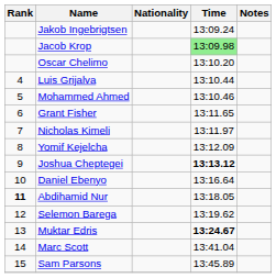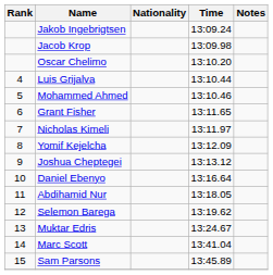 <table class="wikitable sortable" style="text-align:center">
 <tr>
 <th>Rank</th>
 <th>Name</th>
 <th>Nationality</th>
 <th>Time</th>
 <th>Notes</th>
 </tr>
 <tr>
 <td></td>
 <td align=left><a href='#'>Jakob Ingebrigtsen</a></td>
 <td align=left></td>
 <td>13:09.24</td>
 <td></td>
 </tr>
 <tr>
 <td></td>
 <td align=left><a href='#'>Jacob Krop</a></td>
 <td align=left></td>
-<td style="background: lightgreen;">13:09.98</td>
+<td>13:09.98</td>
 <td></td>
 </tr>
 <tr>
 <td></td>
 <td align=left><a href='#'>Oscar Chelimo</a></td>
 <td align=left></td>
 <td>13:10.20</td>
 <td></td>
 </tr>
 <tr>
 <td>4</td>
 <td align=left><a href='#'>Luis Grijalva</a></td>
 <td align=left></td>
 <td>13:10.44</td>
 <td></td>
 </tr>
 <tr>
 <td>5</td>
 <td align=left><a href='#'>Mohammed Ahmed</a></td>
 <td align=left></td>
 <td>13:10.46</td>
 <td></td>
 </tr>
 <tr>
 <td>6</td>
 <td align=left><a href='#'>Grant Fisher</a></td>
 <td align=left></td>
 <td>13:11.65</td>
 <td></td>
 </tr>
 <tr>
 <td>7</td>
 <td align=left><a href='#'>Nicholas Kimeli</a></td>
 <td align=left></td>
 <td>13:11.97</td>
 <td></td>
 </tr>
 <tr>
 <td>8</td>
 <td align=left><a href='#'>Yomif Kejelcha</a></td>
 <td align=left></td>
 <td>13:12.09</td>
 <td></td>
 </tr>
 <tr>
 <td>9</td>
 <td align=left><a href='#'>Joshua Cheptegei</a></td>
 <td align=left></td>
-<td><strong>13:13.12</strong></td>
+<td>13:13.12</td>
 <td></td>
 </tr>
 <tr>
 <td>10</td>
 <td align=left><a href='#'>Daniel Ebenyo</a></td>
 <td align=left></td>
 <td>13:16.64</td>
 <td></td>
 </tr>
 <tr>
-<td><strong>11</strong></td>
+<td>11</td>
 <td align=left><a href='#'>Abdihamid Nur</a></td>
 <td align=left></td>
 <td>13:18.05</td>
 <td></td>
 </tr>
 <tr>
 <td>12</td>
 <td align=left><a href='#'>Selemon Barega</a></td>
 <td align=left></td>
 <td>13:19.62</td>
 <td></td>
 </tr>
 <tr>
 <td>13</td>
 <td align=left><a href='#'>Muktar Edris</a></td>
 <td align=left></td>
-<td><strong>13:24.67</strong></td>
+<td>13:24.67</td>
 <td></td>
 </tr>
 <tr>
 <td>14</td>
 <td align=left><a href='#'>Marc Scott</a></td>
 <td align=left></td>
 <td>13:41.04</td>
 <td></td>
 </tr>
 <tr>
 <td>15</td>
 <td align=left><a href='#'>Sam Parsons</a></td>
 <td align=left></td>
 <td>13:45.89</td>
 <td></td>
 </tr>
 <tr>
 </tr>
 </table>
